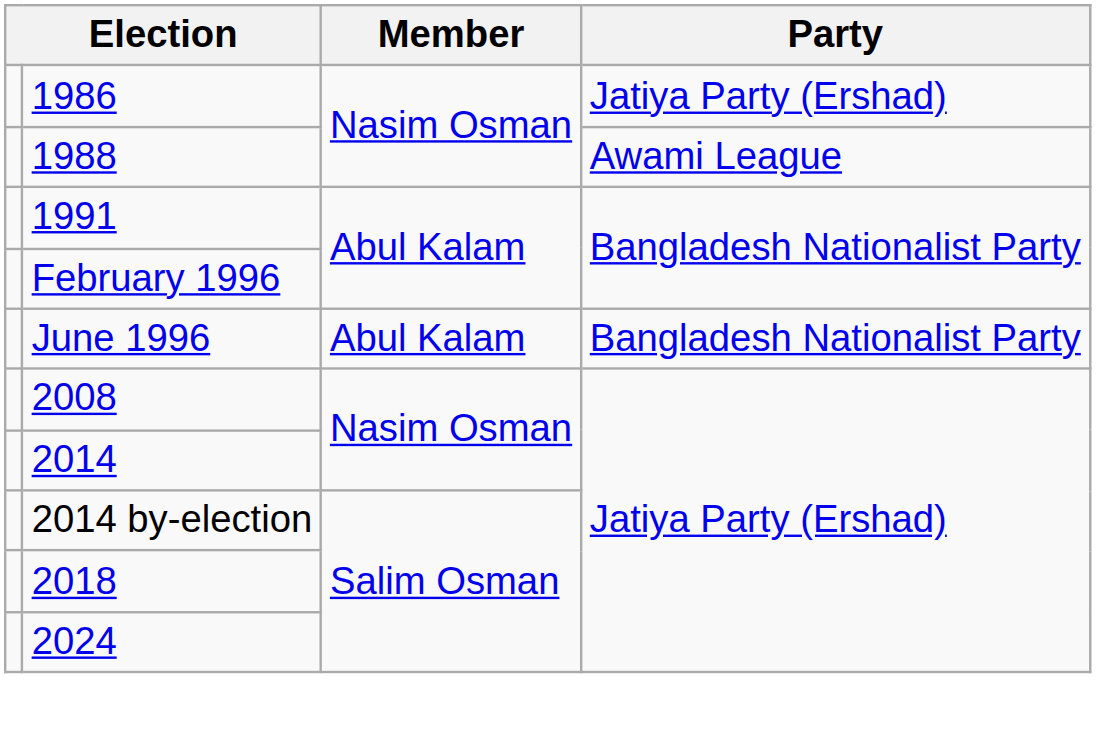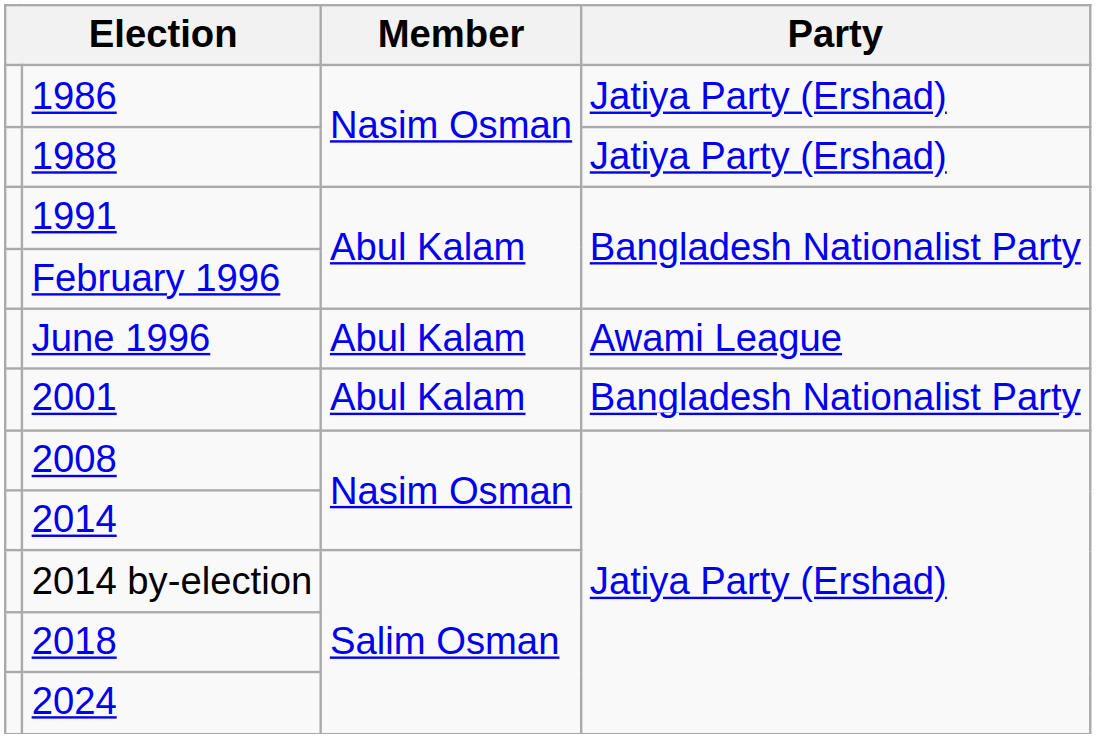 <table class="wikitable">
 <tr>
 <th colspan="2">Election</th>
 <th>Member</th>
 <th>Party</th>
 </tr>
 <tr>
 <td style="background-color:"></td>
 <td><a href='#'>1986</a></td>
 <td rowspan="2" scope="row"><a href='#'>Nasim Osman</a></td>
 <td><a href='#'>Jatiya Party (Ershad)</a></td>
 </tr>
 <tr>
 <td style="background-color:"></td>
 <td><a href='#'>1988</a></td>
-<td><a href='#'>Awami League</a></td>
+<td><a href='#'>Jatiya Party (Ershad)</a></td>
 </tr>
 <tr>
 <td style="background-color:"></td>
 <td><a href='#'>1991</a></td>
 <td rowspan="2" scope="row"><a href='#'>Abul Kalam</a></td>
 <td rowspan="2" scope="row"><a href='#'>Bangladesh Nationalist Party</a></td>
 </tr>
 <tr>
 <td style="background-color:"></td>
 <td><a href='#'>February 1996</a></td>
 </tr>
 <tr>
 <td style="background-color:"></td>
 <td><a href='#'>June 1996</a></td>
+<td><a href='#'>Abul Kalam</a></td>
+<td><a href='#'>Awami League</a></td>
+</tr>
+<tr>
+<td style="background-color:"></td>
+<td><a href='#'>2001</a></td>
 <td><a href='#'>Abul Kalam</a></td>
 <td><a href='#'>Bangladesh Nationalist Party</a></td>
 </tr>
 <tr>
 <td style="background-color:"></td>
 <td><a href='#'>2008</a></td>
 <td rowspan="2" scope="row"><a href='#'>Nasim Osman</a></td>
 <td rowspan="5" scope="row"><a href='#'>Jatiya Party (Ershad)</a></td>
 </tr>
 <tr>
 <td style="background-color:"></td>
 <td><a href='#'>2014</a></td>
 </tr>
 <tr>
 <td style="background-color:"></td>
 <td>2014 by-election</td>
 <td rowspan="3" scope="row"><a href='#'>Salim Osman</a></td>
 </tr>
 <tr>
 <td style="background-color:"></td>
 <td><a href='#'>2018</a></td>
 </tr>
 <tr>
 <td style="background-color:"></td>
 <td><a href='#'>2024</a></td>
 </tr>
 </table>
